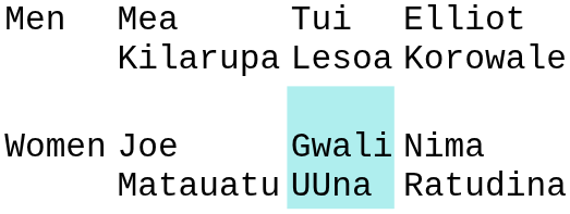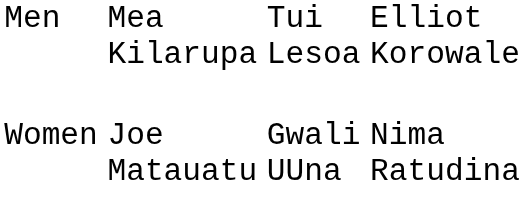 <table>
 <tr>
 <td>Men</td>
 <td><br>Mea<br>Kilarupa</td>
 <td><br>Tui<br>Lesoa</td>
 <td><br>Elliot<br>Korowale</td>
 </tr>
 <tr>
 <td>Women</td>
 <td><br>Joe<br>Matauatu</td>
-<td style="background: paleturquoise;"><br>Gwali<br>UUna</td>
+<td><br>Gwali<br>UUna</td>
 <td><br>Nima<br>Ratudina</td>
 </tr>
 </table>
